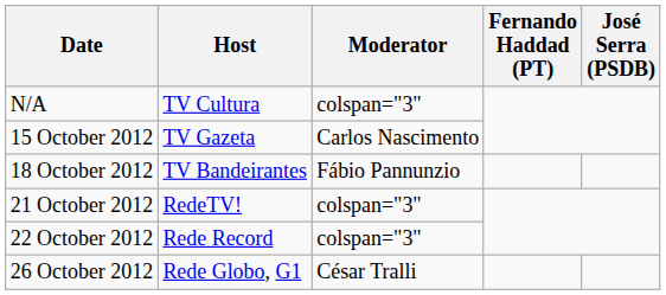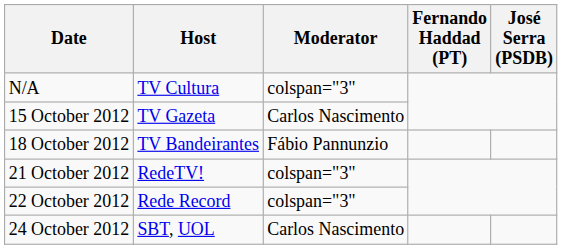 <table class="wikitable">
 <tr>
 <th>Date</th>
 <th>Host</th>
 <th>Moderator</th>
 <th width=30>Fernando Haddad (PT)</th>
 <th width=30>José Serra (PSDB)</th>
 </tr>
 <tr>
 <td>N/A</td>
 <td><a href='#'>TV Cultura</a></td>
 <td>colspan="3" </td>
 </tr>
 <tr>
 <td>15 October 2012</td>
 <td><a href='#'>TV Gazeta</a></td>
 <td>Carlos Nascimento</td>
 </tr>
 <tr>
 <td>18 October 2012</td>
 <td><a href='#'>TV Bandeirantes</a></td>
 <td>Fábio Pannunzio</td>
 <td></td>
 <td></td>
 </tr>
 <tr>
 <td>21 October 2012</td>
 <td><a href='#'>RedeTV!</a></td>
 <td>colspan="3" </td>
 </tr>
 <tr>
 <td>22 October 2012</td>
 <td><a href='#'>Rede Record</a></td>
 <td>colspan="3" </td>
 </tr>
 <tr>
-<td>26 October 2012</td>
-<td><a href='#'>Rede Globo</a>, <a href='#'>G1</a></td>
-<td>César Tralli</td>
+<td>24 October 2012</td>
+<td><a href='#'>SBT</a>, <a href='#'>UOL</a></td>
+<td>Carlos Nascimento</td>
 <td></td>
 <td></td>
 </tr>
 </table>
